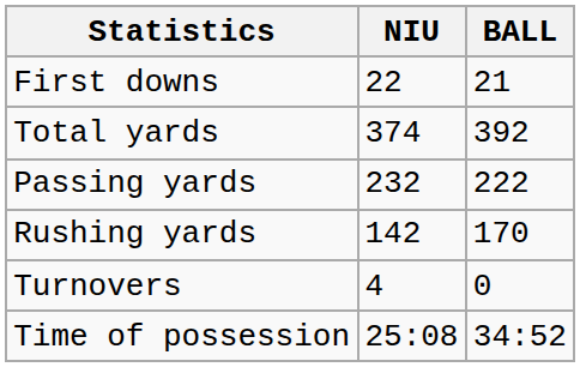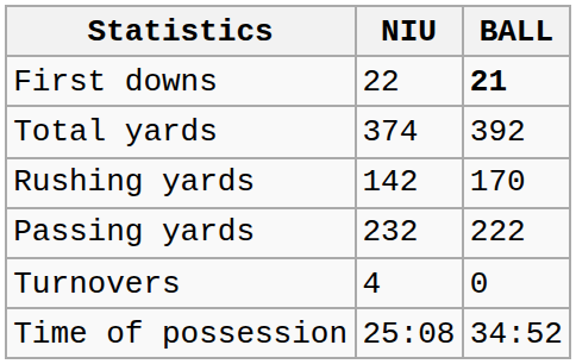 <table class="wikitable" style="float: left;">
 <tr>
 <th>Statistics</th>
 <th>NIU</th>
 <th>BALL</th>
 </tr>
 <tr>
 <td>First downs</td>
 <td>22</td>
-<td>21</td>
+<td><strong>21</strong></td>
 </tr>
 <tr>
 <td>Total yards</td>
 <td>374</td>
 <td>392</td>
 </tr>
 <tr>
+<td>Rushing yards</td>
+<td>142</td>
+<td>170</td>
+</tr>
+<tr>
 <td>Passing yards</td>
 <td>232</td>
 <td>222</td>
-</tr>
-<tr>
-<td>Rushing yards</td>
-<td>142</td>
-<td>170</td>
 </tr>
 <tr>
 <td>Turnovers</td>
 <td>4</td>
 <td>0</td>
 </tr>
 <tr>
 <td>Time of possession</td>
 <td>25:08</td>
 <td>34:52</td>
 </tr>
 <tr>
 </tr>
 </table>
